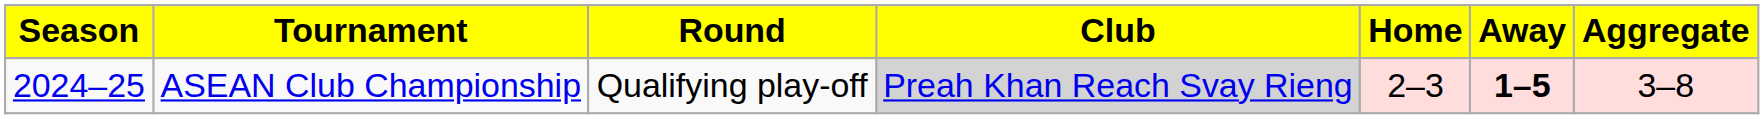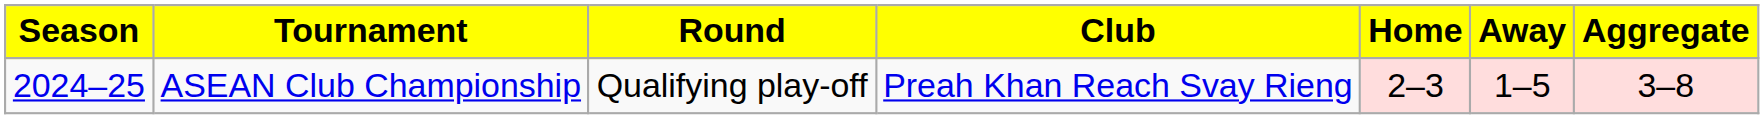 <table class="wikitable">
 <tr>
 <th style="background:Yellow"><span> Season</span></th>
 <th style="background:Yellow"><span> Tournament</span></th>
 <th style="background:Yellow"><span> Round</span></th>
 <th style="background:Yellow"><span> Club</span></th>
 <th style="background:Yellow"><span> Home</span></th>
 <th style="background:Yellow"><span> Away</span></th>
 <th style="background:Yellow"><span> Aggregate</span></th>
 </tr>
 <tr>
 <td rowspan="2"><a href='#'>2024–25</a></td>
 <td rowspan="2"><a href='#'>ASEAN Club Championship</a></td>
 <td rowspan="2">Qualifying play-off</td>
-<td style="background: lightgrey;"> <a href='#'>Preah Khan Reach Svay Rieng</a></td>
+<td> <a href='#'>Preah Khan Reach Svay Rieng</a></td>
 <td style="background:#fdd;text-align:center;">2–3</td>
-<td style="background:#fdd;text-align:center;"><strong>1–5</strong></td>
+<td style="background:#fdd;text-align:center;">1–5</td>
 <td style="background:#fdd;text-align:center;">3–8</td>
 </tr>
 </table>
